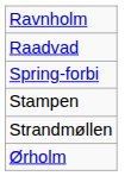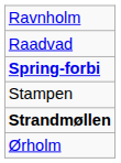 <table class="wikitable" style="float:left; margin-right:1em">
 <tr>
 <td><a href='#'>Ravnholm</a></td>
 </tr>
 <tr>
 <td><a href='#'>Raadvad</a></td>
 </tr>
 <tr>
-<td><a href='#'>Spring-forbi</a></td>
+<td><strong><a href='#'>Spring-forbi</a></strong></td>
 </tr>
 <tr>
 <td>Stampen</td>
 </tr>
 <tr>
-<td>Strandmøllen</td>
+<td><strong>Strandmøllen</strong></td>
 </tr>
 <tr>
 <td><a href='#'>Ørholm</a></td>
 </tr>
 </table>
